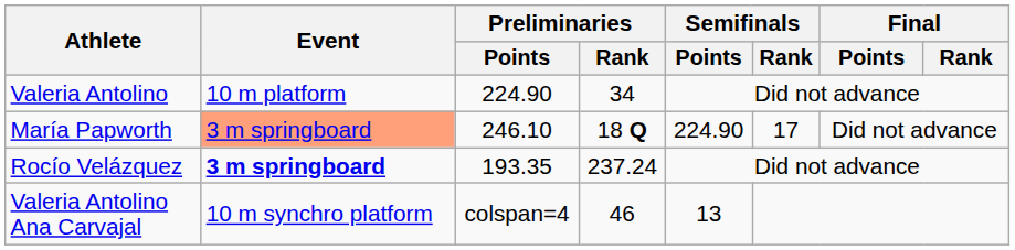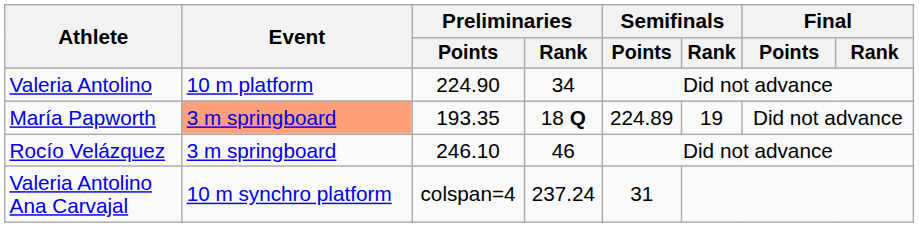 <table class="wikitable" style="text-align:center; font-size:90%; width:50%;">
 <tr>
 <th rowspan=2>Athlete</th>
 <th rowspan=2>Event</th>
 <th colspan=2>Preliminaries</th>
 <th colspan=2>Semifinals</th>
 <th colspan=2>Final</th>
 </tr>
 <tr style="font-size:95%">
 <th>Points</th>
 <th>Rank</th>
 <th>Points</th>
 <th>Rank</th>
 <th>Points</th>
 <th>Rank</th>
 </tr>
 <tr>
 <td align=left><a href='#'>Valeria Antolino</a></td>
 <td align=left><a href='#'>10 m platform</a></td>
 <td>224.90</td>
 <td>34</td>
 <td colspan=4>Did not advance</td>
 </tr>
 <tr>
 <td align=left><a href='#'>María Papworth</a></td>
 <td align=left style="background: lightsalmon;"><a href='#'>3 m springboard</a></td>
-<td>246.10</td>
+<td>193.35</td>
 <td>18 <strong>Q</strong></td>
-<td>224.90</td>
-<td>17</td>
+<td>224.89</td>
+<td>19</td>
 <td colspan=2>Did not advance</td>
 </tr>
 <tr>
 <td align=left><a href='#'>Rocío Velázquez</a></td>
-<td align=left><strong><a href='#'>3 m springboard</a></strong></td>
-<td>193.35</td>
-<td>237.24</td>
+<td align=left><a href='#'>3 m springboard</a></td>
+<td>246.10</td>
+<td>46</td>
 <td colspan=4>Did not advance</td>
 </tr>
 <tr>
 <td align=left><a href='#'>Valeria Antolino</a><br> <a href='#'>Ana Carvajal</a></td>
 <td align=left><a href='#'>10 m synchro platform</a></td>
 <td>colspan=4 </td>
-<td>46</td>
-<td>13</td>
+<td>237.24</td>
+<td>31</td>
 </tr>
 </table>
